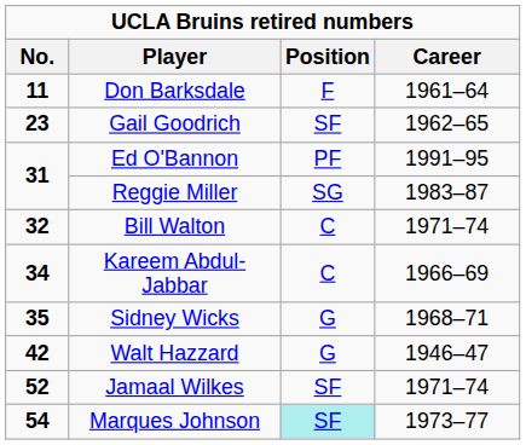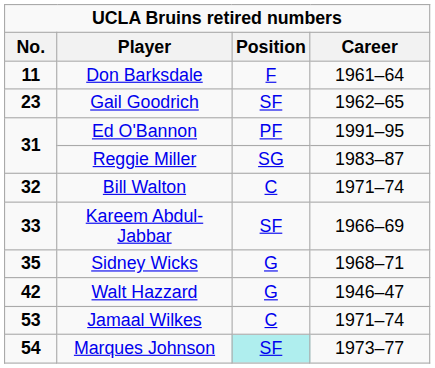 <table class="wikitable sortable" style="text-align:center">
 <tr>
 <td colspan="5"><strong>UCLA Bruins retired numbers</strong></td>
 </tr>
 <tr>
 <th width=40px>No.</th>
 <th width=150px>Player</th>
 <th width=40px>Position</th>
 <th width=100px>Career</th>
 </tr>
 <tr>
 <td><strong>11</strong></td>
 <td><a href='#'>Don Barksdale</a></td>
 <td><a href='#'>F</a></td>
 <td>1961–64</td>
 </tr>
 <tr>
 <td><strong>23</strong></td>
 <td><a href='#'>Gail Goodrich</a></td>
 <td><a href='#'>SF</a></td>
 <td>1962–65</td>
 </tr>
 <tr>
 <td rowspan=2><strong>31</strong></td>
 <td><a href='#'>Ed O'Bannon</a></td>
 <td><a href='#'>PF</a></td>
 <td>1991–95</td>
 </tr>
 <tr>
 <td><a href='#'>Reggie Miller</a></td>
 <td><a href='#'>SG</a></td>
 <td>1983–87</td>
 </tr>
 <tr>
 <td><strong>32</strong></td>
 <td><a href='#'>Bill Walton</a></td>
 <td><a href='#'>C</a></td>
 <td>1971–74</td>
 </tr>
 <tr>
-<td><strong>34</strong></td>
+<td><strong>33</strong></td>
 <td><a href='#'>Kareem Abdul-Jabbar</a></td>
-<td><a href='#'>C</a></td>
+<td><a href='#'>SF</a></td>
 <td>1966–69</td>
 </tr>
 <tr>
 <td><strong>35</strong></td>
 <td><a href='#'>Sidney Wicks</a></td>
 <td><a href='#'>G</a></td>
 <td>1968–71</td>
 </tr>
 <tr>
 <td><strong>42</strong></td>
 <td><a href='#'>Walt Hazzard</a></td>
 <td><a href='#'>G</a></td>
 <td>1946–47</td>
 </tr>
 <tr>
-<td><strong>52</strong></td>
+<td><strong>53</strong></td>
 <td><a href='#'>Jamaal Wilkes</a></td>
-<td><a href='#'>SF</a></td>
+<td><a href='#'>C</a></td>
 <td>1971–74</td>
 </tr>
 <tr>
 <td><strong>54</strong></td>
 <td><a href='#'>Marques Johnson</a></td>
 <td style="background: paleturquoise;"><a href='#'>SF</a></td>
 <td>1973–77</td>
 </tr>
 </table>
